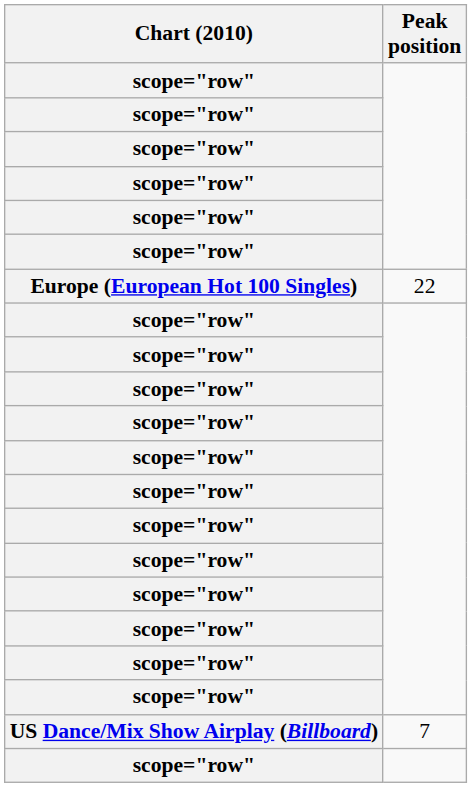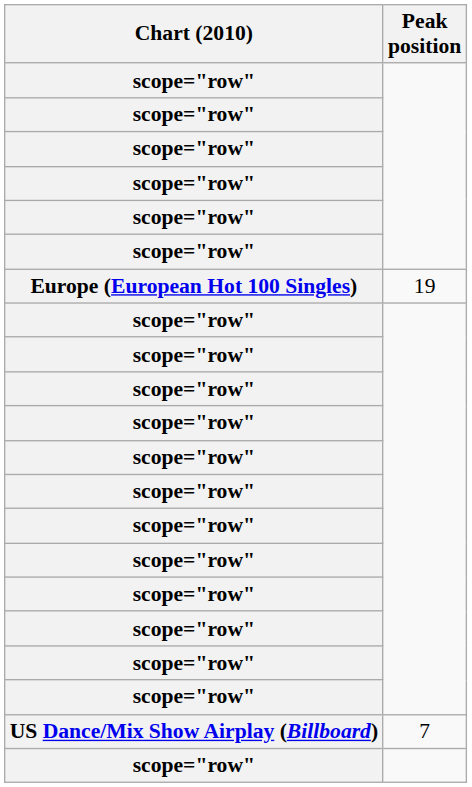 <table class="wikitable plainrowheaders sortable" style="text-align:center">
 <tr>
 <th scope="col">Chart (2010)</th>
 <th scope="col">Peak<br>position</th>
 </tr>
 <tr>
 <th>scope="row" </th>
 </tr>
 <tr>
 <th>scope="row" </th>
 </tr>
 <tr>
 <th>scope="row" </th>
 </tr>
 <tr>
 <th>scope="row" </th>
 </tr>
 <tr>
 <th>scope="row" </th>
 </tr>
 <tr>
 <th>scope="row" </th>
 </tr>
 <tr>
 <th scope="row">Europe (<a href='#'>European Hot 100 Singles</a>)</th>
-<td>22</td>
+<td>19</td>
 </tr>
 <tr>
 <th>scope="row" </th>
 </tr>
 <tr>
 <th>scope="row" </th>
 </tr>
 <tr>
 <th>scope="row" </th>
 </tr>
 <tr>
 <th>scope="row" </th>
 </tr>
 <tr>
 <th>scope="row" </th>
 </tr>
 <tr>
 <th>scope="row" </th>
 </tr>
 <tr>
 <th>scope="row" </th>
 </tr>
 <tr>
 <th>scope="row" </th>
 </tr>
 <tr>
 <th>scope="row" </th>
 </tr>
 <tr>
 <th>scope="row" </th>
 </tr>
 <tr>
 <th>scope="row" </th>
 </tr>
 <tr>
 <th>scope="row" </th>
 </tr>
 <tr>
 <th scope="row">US <a href='#'>Dance/Mix Show Airplay</a> (<em><a href='#'>Billboard</a></em>)</th>
 <td>7</td>
 </tr>
 <tr>
 <th>scope="row" </th>
 </tr>
 </table>
